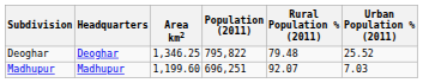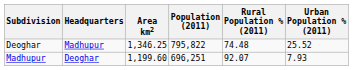 <table class="wikitable sortable">
 <tr>
 <th>Subdivision</th>
 <th>Headquarters</th>
 <th><br>Area<br>km<sup>2</sup></th>
 <th>Population<br>(2011)</th>
 <th>Rural<br>Population %<br>(2011)</th>
 <th>Urban<br> Population % <br>(2011)</th>
 </tr>
 <tr>
 <td>Deoghar</td>
-<td><a href='#'>Deoghar</a></td>
+<td><a href='#'>Madhupur</a></td>
 <td>1,346.25</td>
 <td>795,822</td>
-<td>79.48</td>
+<td>74.48</td>
 <td>25.52</td>
 </tr>
 <tr>
 <td><a href='#'>Madhupur</a></td>
-<td><a href='#'>Madhupur</a></td>
+<td><a href='#'>Deoghar</a></td>
 <td>1,199.60</td>
 <td>696,251</td>
 <td>92.07</td>
-<td>7.03</td>
+<td>7.93</td>
 </tr>
 </table>
